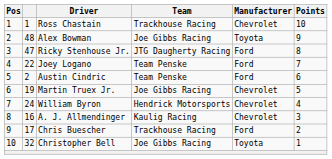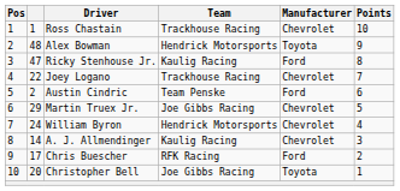 <table class="wikitable" style="font-size:98%">
 <tr>
 <th>Pos</th>
 <th></th>
 <th>Driver</th>
 <th>Team</th>
 <th>Manufacturer</th>
 <th>Points</th>
 </tr>
 <tr>
 <td>1</td>
 <td>1</td>
 <td>Ross Chastain</td>
 <td>Trackhouse Racing</td>
 <td>Chevrolet</td>
 <td>10</td>
 </tr>
 <tr>
 <td>2</td>
 <td>48</td>
 <td>Alex Bowman</td>
-<td>Joe Gibbs Racing</td>
+<td>Hendrick Motorsports</td>
 <td>Toyota</td>
 <td>9</td>
 </tr>
 <tr>
 <td>3</td>
 <td>47</td>
 <td>Ricky Stenhouse Jr.</td>
-<td>JTG Daugherty Racing</td>
+<td>Kaulig Racing</td>
 <td>Ford</td>
 <td>8</td>
 </tr>
 <tr>
 <td>4</td>
 <td>22</td>
 <td>Joey Logano</td>
-<td>Team Penske</td>
-<td>Ford</td>
+<td>Trackhouse Racing</td>
+<td>Chevrolet</td>
 <td>7</td>
 </tr>
 <tr>
 <td>5</td>
 <td>2</td>
 <td>Austin Cindric</td>
 <td>Team Penske</td>
 <td>Ford</td>
 <td>6</td>
 </tr>
 <tr>
 <td>6</td>
-<td>19</td>
+<td>29</td>
 <td>Martin Truex Jr.</td>
 <td>Joe Gibbs Racing</td>
 <td>Chevrolet</td>
 <td>5</td>
 </tr>
 <tr>
 <td>7</td>
 <td>24</td>
 <td>William Byron</td>
 <td>Hendrick Motorsports</td>
 <td>Chevrolet</td>
 <td>4</td>
 </tr>
 <tr>
 <td>8</td>
-<td>16</td>
+<td>14</td>
 <td>A. J. Allmendinger</td>
 <td>Kaulig Racing</td>
 <td>Chevrolet</td>
 <td>3</td>
 </tr>
 <tr>
 <td>9</td>
 <td>17</td>
 <td>Chris Buescher</td>
-<td>Trackhouse Racing</td>
+<td>RFK Racing</td>
 <td>Ford</td>
 <td>2</td>
 </tr>
 <tr>
 <td>10</td>
-<td>32</td>
+<td>20</td>
 <td>Christopher Bell</td>
 <td>Joe Gibbs Racing</td>
 <td>Toyota</td>
 <td>1</td>
 </tr>
 <tr>
 <th colspan="6"></th>
 </tr>
 </table>
